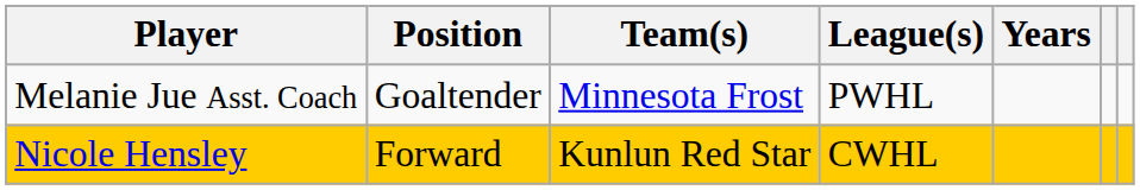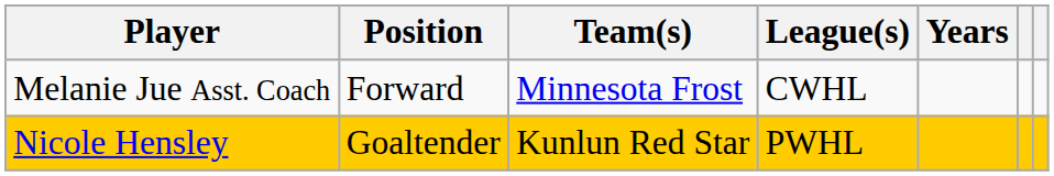 <table class="wikitable sortable">
 <tr>
 <th>Player</th>
 <th>Position</th>
 <th>Team(s)</th>
 <th>League(s)</th>
 <th>Years</th>
 <th><a href='#'></a></th>
 <th><a href='#'></a></th>
 </tr>
 <tr bgcolor=>
 <td>Melanie Jue <small>Asst. Coach</small></td>
-<td>Goaltender</td>
+<td>Forward</td>
 <td><a href='#'>Minnesota Frost</a></td>
-<td>PWHL</td>
+<td>CWHL</td>
 <td></td>
 <td></td>
 <td></td>
 </tr>
 <tr bgcolor=FFCC00>
 <td><a href='#'>Nicole Hensley</a></td>
-<td>Forward</td>
+<td>Goaltender</td>
 <td>Kunlun Red Star</td>
-<td>CWHL</td>
+<td>PWHL</td>
 <td></td>
 <td></td>
 <td></td>
 </tr>
 </table>
